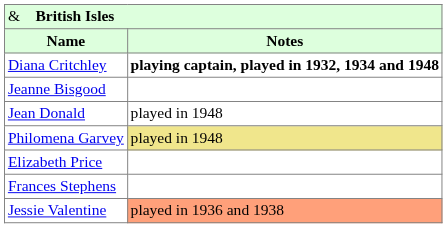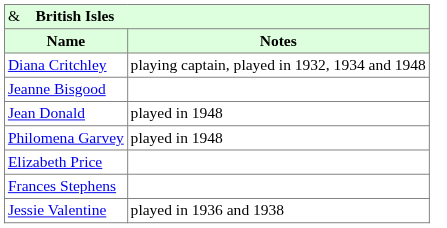 <table border="1" cellpadding="3" style="border-collapse: collapse;">
 <tr style="background:#ddffdd;">
 <td colspan=5> &    <strong>British Isles</strong></td>
 </tr>
 <tr style="background:#ddffdd;">
 <th>Name</th>
 <th>Notes</th>
 </tr>
 <tr>
 <td> <a href='#'>Diana Critchley</a></td>
-<td><strong>playing captain, played in 1932, 1934 and 1948</strong></td>
+<td>playing captain, played in 1932, 1934 and 1948</td>
 </tr>
 <tr>
 <td> <a href='#'>Jeanne Bisgood</a></td>
 <td></td>
 </tr>
 <tr>
 <td> <a href='#'>Jean Donald</a></td>
 <td>played in 1948</td>
 </tr>
 <tr>
 <td> <a href='#'>Philomena Garvey</a></td>
-<td style="background: khaki;">played in 1948</td>
+<td>played in 1948</td>
 </tr>
 <tr>
 <td> <a href='#'>Elizabeth Price</a></td>
 <td></td>
 </tr>
 <tr>
 <td> <a href='#'>Frances Stephens</a></td>
 <td></td>
 </tr>
 <tr>
 <td> <a href='#'>Jessie Valentine</a></td>
-<td style="background: lightsalmon;">played in 1936 and 1938</td>
+<td>played in 1936 and 1938</td>
 </tr>
 </table>
